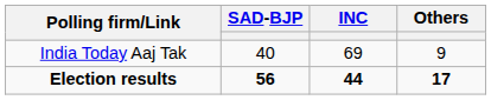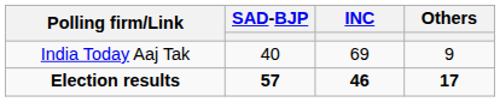 <table class="wikitable collapsible" style="text-align:center">
 <tr style="background-color:#E9E9E9">
 <th style="width:195px;" rowspan="2">Polling firm/Link</th>
 <th style="width:75px;"><a href='#'>SAD</a>-<a href='#'>BJP</a></th>
 <th style="width:75px;"><a href='#'>INC</a></th>
 <th style="width:75px;">Others</th>
 </tr>
 <tr>
 <th style="background:"></th>
 <th style="background:"></th>
 <th style="background:"></th>
 </tr>
 <tr>
 <td><a href='#'>India Today</a> Aaj Tak</td>
 <td>40</td>
 <td>69</td>
 <td>9</td>
 </tr>
 <tr>
 <td style="background:"><strong>Election results</strong></td>
-<td style="background:"><strong>56</strong></td>
-<td style="background:"><strong>44</strong></td>
+<td style="background:"><strong>57</strong></td>
+<td style="background:"><strong>46</strong></td>
 <td style="background:"><strong>17</strong></td>
 </tr>
 </table>
